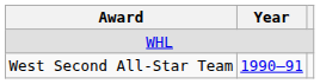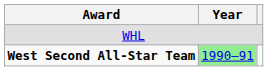 <table class="wikitable">
 <tr>
 <th>Award</th>
 <th>Year</th>
 <th></th>
 </tr>
 <tr ALIGN="center" bgcolor="#e0e0e0">
 <td colspan="3"><a href='#'>WHL</a></td>
 </tr>
 <tr>
-<td>West Second All-Star Team</td>
-<td><a href='#'>1990–91</a></td>
+<td><strong>West Second All-Star Team</strong></td>
+<td style="background: lightgreen;"><a href='#'>1990–91</a></td>
 <td></td>
 </tr>
 </table>
